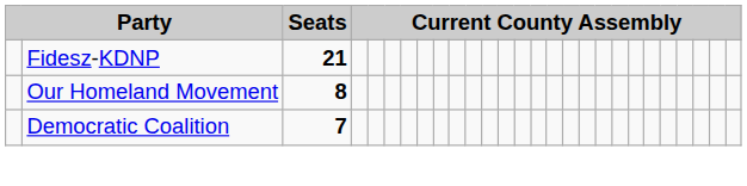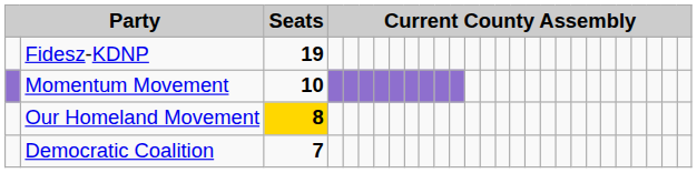 <table class="wikitable">
 <tr>
 <th style="background:#ccc" colspan="2">Party</th>
 <th style="background:#ccc">Seats</th>
 <th style="background:#ccc" colspan="24">Current County Assembly</th>
 </tr>
 <tr>
 <td style="background-color: "> </td>
 <td><a href='#'>Fidesz</a>-<a href='#'>KDNP</a></td>
-<td style="text-align: right"><strong>21</strong></td>
+<td style="text-align: right"><strong>19</strong></td>
 <td style="background-color: "> </td>
 <td style="background-color: "> </td>
 <td style="background-color: "> </td>
 <td style="background-color: "> </td>
 <td style="background-color: "> </td>
 <td style="background-color: "> </td>
 <td style="background-color: "> </td>
 <td style="background-color: "> </td>
 <td style="background-color: "> </td>
 <td style="background-color: "> </td>
 <td style="background-color: "> </td>
 <td style="background-color: "> </td>
 <td style="background-color: "> </td>
 <td style="background-color: "> </td>
 <td style="background-color: "> </td>
 <td style="background-color: "> </td>
 <td style="background-color: "> </td>
 <td style="background-color: "> </td>
 <td style="background-color: "> </td>
 <td style="background-color: "> </td>
 <td style="background-color: "> </td>
 <td style="background-color: "> </td>
 <td style="background-color: "> </td>
 <td style="background-color: "> </td>
 </tr>
 <tr>
+<td style="background-color: #8E6FCE"> </td>
+<td><a href='#'>Momentum Movement</a></td>
+<td style="text-align: right"><strong>10</strong></td>
+<td style="background-color: #8E6FCE"> </td>
+<td style="background-color: #8E6FCE"> </td>
+<td style="background-color: #8E6FCE"> </td>
+<td style="background-color: #8E6FCE"> </td>
+<td style="background-color: #8E6FCE"> </td>
+<td style="background-color: #8E6FCE"> </td>
+<td style="background-color: #8E6FCE"> </td>
+<td style="background-color: #8E6FCE"> </td>
+<td style="background-color: #8E6FCE"> </td>
+<td> </td>
+<td> </td>
+<td> </td>
+<td> </td>
+<td> </td>
+<td> </td>
+<td> </td>
+<td> </td>
+<td> </td>
+<td> </td>
+<td> </td>
+<td> </td>
+<td> </td>
+<td> </td>
+<td> </td>
+</tr>
+<tr>
 <td style="background-color: "> </td>
 <td><a href='#'>Our Homeland Movement</a></td>
-<td style="text-align: right"><strong>8</strong></td>
+<td style="background: gold; text-align: right"><strong>8</strong></td>
 <td style="background-color: "> </td>
 <td style="background-color: "> </td>
 <td style="background-color: "> </td>
 <td style="background-color: "> </td>
 <td style="background-color: "> </td>
 <td style="background-color: "> </td>
 <td style="background-color: "> </td>
 <td style="background-color: "> </td>
 <td> </td>
 <td> </td>
 <td> </td>
 <td> </td>
 <td> </td>
 <td> </td>
 <td> </td>
 <td> </td>
 <td> </td>
 <td> </td>
 <td> </td>
 <td> </td>
 <td> </td>
 <td> </td>
 <td> </td>
 </tr>
 <tr>
 <td style="background-color: "> </td>
 <td><a href='#'>Democratic Coalition</a></td>
 <td style="text-align: right"><strong>7</strong></td>
 <td style="background-color: "> </td>
 <td style="background-color: "> </td>
 <td style="background-color: "> </td>
 <td style="background-color: "> </td>
 <td style="background-color: "> </td>
 <td style="background-color: "> </td>
 <td style="background-color: "> </td>
 <td> </td>
 <td> </td>
 <td> </td>
 <td> </td>
 <td> </td>
 <td> </td>
 <td> </td>
 <td> </td>
 <td> </td>
 <td> </td>
 <td> </td>
 <td> </td>
 <td> </td>
 <td> </td>
 <td> </td>
 <td> </td>
 <td> </td>
 </tr>
 </table>
